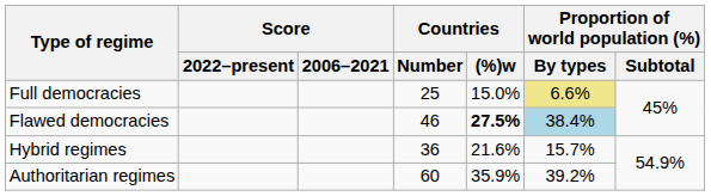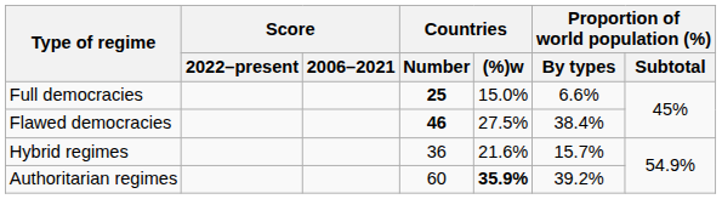 <table class="sortable wikitable" style="text-align:center;">
 <tr>
 <th rowspan=2>Type of regime</th>
 <th colspan=2>Score</th>
 <th colspan=2>Countries</th>
 <th colspan=2>Proportion of<br>world population (%)</th>
 </tr>
 <tr>
 <th>2022–present</th>
 <th>2006–2021</th>
 <th>Number</th>
 <th>(%)w</th>
 <th>By types</th>
 <th>Subtotal</th>
 </tr>
 <tr>
 <td style="text-align:left;">Full democracies</td>
 <td style="text-align:left;"></td>
 <td style="text-align:left;"></td>
-<td>25</td>
+<td><strong>25</strong></td>
 <td>15.0%</td>
-<td style="background: khaki;">6.6%</td>
+<td>6.6%</td>
 <td rowspan=2>45%</td>
 </tr>
 <tr>
 <td style="text-align:left;">Flawed democracies</td>
 <td style="text-align:left;"></td>
 <td style="text-align:left;"></td>
-<td>46</td>
-<td><strong>27.5%</strong></td>
-<td style="background: lightblue;">38.4%</td>
+<td><strong>46</strong></td>
+<td>27.5%</td>
+<td>38.4%</td>
 </tr>
 <tr>
 <td style="text-align:left;">Hybrid regimes</td>
 <td style="text-align:left;"></td>
 <td style="text-align:left;"></td>
 <td>36</td>
 <td>21.6%</td>
 <td>15.7%</td>
 <td rowspan=2>54.9%</td>
 </tr>
 <tr>
 <td style="text-align:left;">Authoritarian regimes</td>
 <td style="text-align:left;">  </td>
 <td style="text-align:left;"></td>
 <td>60</td>
-<td>35.9%</td>
+<td><strong>35.9%</strong></td>
 <td>39.2%</td>
 </tr>
 </table>
